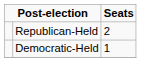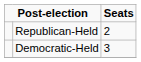 <table class= "wikitable">
 <tr>
 <td colspan= "2" rowspan= "1" align= "center" valign= "top"><strong>Post-election</strong></td>
 <td valign= "top"><strong>Seats</strong><br></td>
 </tr>
 <tr>
 <td style="background-color:"> </td>
 <td>Republican-Held</td>
 <td>2</td>
 </tr>
 <tr>
 <td style="background-color:"> </td>
 <td>Democratic-Held</td>
-<td>1</td>
+<td>3</td>
 </tr>
 <tr>
 </tr>
 </table>
